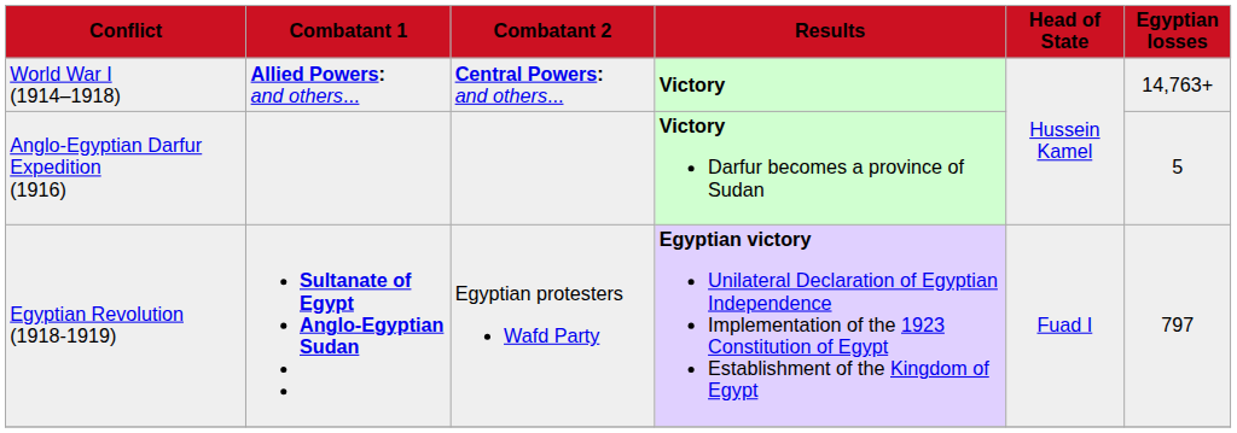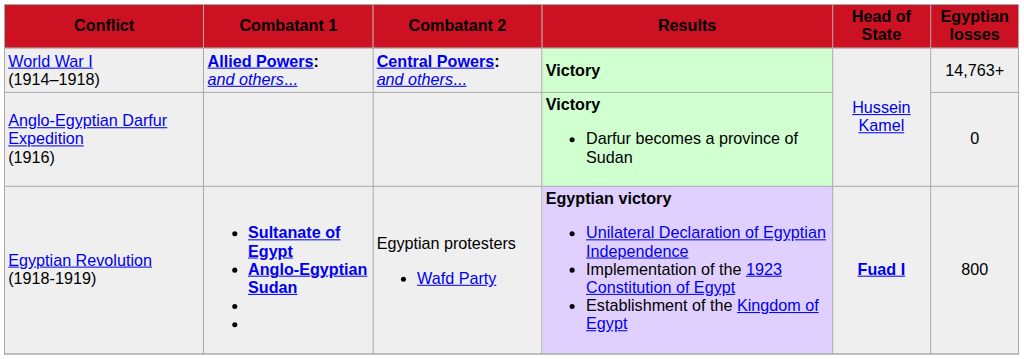 <table class="wikitable">
 <tr>
 <th style="background:#CC1122" rowspan="1" width=190px><span>Conflict</span></th>
 <th style="background:#CC1122" rowspan="1" width=160px><span>Combatant 1</span></th>
 <th style="background:#CC1122" rowspan="1" width=160px><span>Combatant 2</span></th>
 <th style="background:#CC1122" rowspan="1" width=280px><span>Results</span></th>
 <th style="background:#CC1122" rowspan="1" width=90px><span>Head of State</span></th>
 <th style="background:#CC1122" rowspan="1" width=80px><span>Egyptian<br>losses</span></th>
 </tr>
 <tr>
 <td style="background:#efefef"><a href='#'>World War I</a><br>(1914–1918)</td>
 <td style="background:#efefef"><strong><a href='#'>Allied Powers</a>:</strong><br>  <a href='#'><em>and others</em>...</a></td>
 <td style="background:#efefef"><strong><a href='#'>Central Powers</a>:</strong><br><a href='#'><em>and others</em>...</a></td>
 <td style="background:#D0FFD0"><strong>Victory</strong><br></td>
 <td style="background:#efefef;text-align:center;" rowspan=2><a href='#'>Hussein Kamel</a></td>
 <td style="background:#efefef;text-align:center;" colspan=2>14,763+</td>
 </tr>
 <tr>
 <td style="background:#efefef"><a href='#'>Anglo-Egyptian Darfur Expedition</a><br>(1916)</td>
 <td style="background:#efefef"></td>
 <td style="background:#efefef"></td>
 <td style="background:#D0FFD0"><strong>Victory</strong><br><ul><li>Darfur becomes a province of Sudan</li></ul></td>
-<td style="background:#efefef;text-align:center;" colspan=1>5</td>
+<td style="background:#efefef;text-align:center;" colspan=1>0</td>
 </tr>
 <tr>
 <td style="background:#efefef"><a href='#'>Egyptian Revolution</a><br>(1918-1919)</td>
 <td style="background:#efefef"><strong><br><ul><li> <a href='#'>Sultanate of Egypt</a></li><li>  <a href='#'>Anglo-Egyptian Sudan</a></li><li></li><li></li></ul></strong></td>
 <td style="background:#efefef"> Egyptian protesters<br><ul><li><a href='#'>Wafd Party</a></li></ul></td>
 <td style="background:#E0D0FF"><strong>Egyptian victory</strong><br><ul><li><a href='#'>Unilateral Declaration of Egyptian Independence</a></li><li>Implementation of the <a href='#'>1923 Constitution of Egypt</a></li><li>Establishment of the <a href='#'>Kingdom of Egypt</a></li></ul></td>
-<td style="background:#efefef;text-align:center;" colspan=1><a href='#'>Fuad I</a></td>
-<td style="background:#efefef;text-align:center;" colspan=1>797</td>
+<td style="background:#efefef;text-align:center;" colspan=1><strong><a href='#'>Fuad I</a></strong></td>
+<td style="background:#efefef;text-align:center;" colspan=1>800</td>
 </tr>
 <tr>
 </tr>
 </table>
